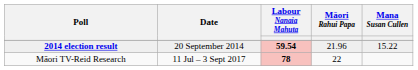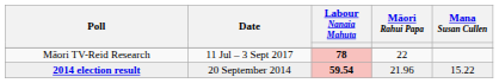 <table class="wikitable" style="font-size:90%; line-height:14px; text-align:center">
 <tr>
 <th style="width:240px;" rowspan="2">Poll</th>
 <th style="width:160px;" rowspan="2">Date </th>
 <th style="width:75px;"  bgcolor=><a href='#'>Labour</a><br><small><em><a href='#'>Nanaia Mahuta</a></em></small></th>
 <th style="width:75px;"  bgcolor=><a href='#'>Māori</a><br><small><em>Rahui Papa</em></small></th>
 <th style="width:75px;" r bgcolor=><a href='#'>Mana</a><br><small><em>Susan Cullen</em></small></th>
 </tr>
 <tr>
 <th class="unsortable" style="color:inherit;background:"></th>
 <th class="unsortable" style="color:inherit;background:"></th>
 <th class="unsortable" style="color:inherit;background:"></th>
 </tr>
 <tr>
 </tr>
+<tr>
+<td>Māori TV-Reid Research</td>
+<td>11 Jul – 3 Sept 2017</td>
+<td style="background:#F8C1BE"><strong>78</strong></td>
+<td>22</td>
+<td></td>
+</tr>
 <tr style="background:#EFEFEF; font-weight:italic;">
 <td><strong><a href='#'>2014 election result</a></strong></td>
 <td>20 September 2014</td>
 <td style="background:#F8C1BE"><strong>59.54</strong></td>
 <td>21.96</td>
 <td>15.22</td>
 </tr>
-<tr>
-<td>Māori TV-Reid Research</td>
-<td>11 Jul – 3 Sept 2017</td>
-<td style="background:#F8C1BE"><strong>78</strong></td>
-<td>22</td>
-<td></td>
-</tr>
 </table>
